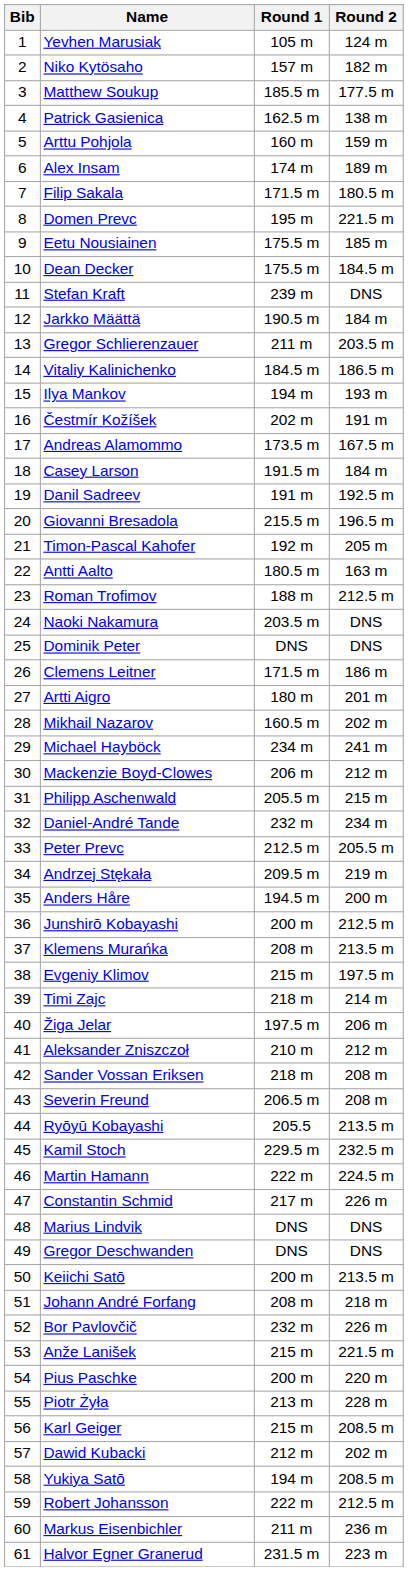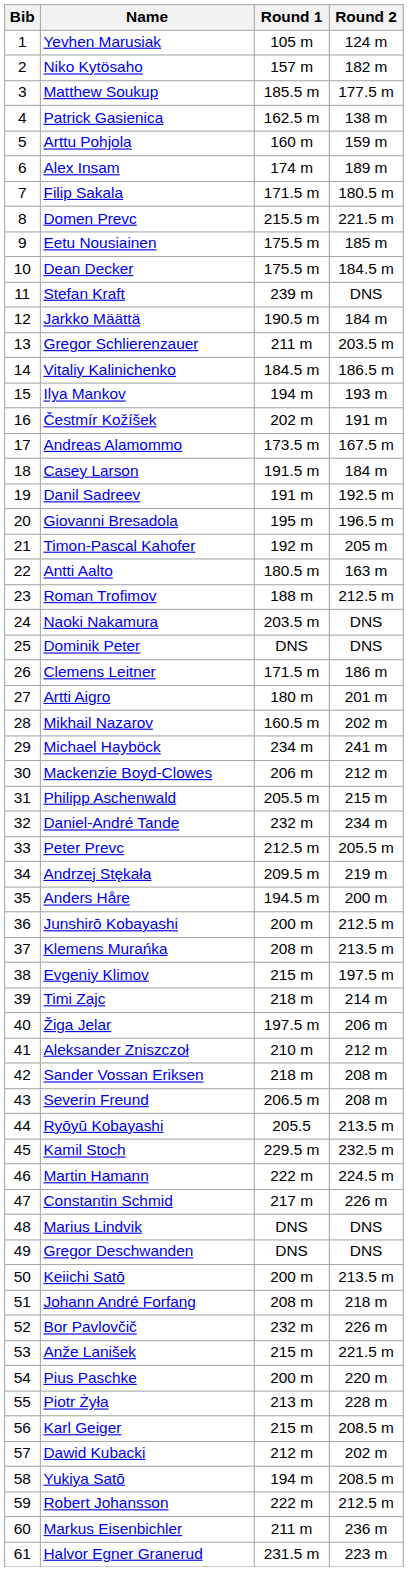 <table class="wikitable  collapsible autocollapse plainrowheaders" style="background:#fff; font-size:86%; line-height:16px; border:grey solid 1px; border-collapse:collapse;">
 <tr>
 <th width=25>Bib</th>
 <th width=185>Name</th>
 <th width=60>Round 1</th>
 <th width=60>Round 2</th>
 </tr>
 <tr align=center>
 <td>1</td>
 <td align=left> <a href='#'>Yevhen Marusiak</a></td>
 <td>105 m</td>
 <td>124 m</td>
 </tr>
 <tr align=center>
 <td>2</td>
 <td align=left> <a href='#'>Niko Kytösaho</a></td>
 <td>157 m</td>
 <td>182 m</td>
 </tr>
 <tr align=center>
 <td>3</td>
 <td align=left> <a href='#'>Matthew Soukup</a></td>
 <td>185.5 m</td>
 <td>177.5 m</td>
 </tr>
 <tr align=center>
 <td>4</td>
 <td align=left> <a href='#'>Patrick Gasienica</a></td>
 <td>162.5 m</td>
 <td>138 m</td>
 </tr>
 <tr align=center>
 <td>5</td>
 <td align=left> <a href='#'>Arttu Pohjola</a></td>
 <td>160 m</td>
 <td>159 m</td>
 </tr>
 <tr align=center>
 <td>6</td>
 <td align=left> <a href='#'>Alex Insam</a></td>
 <td>174 m</td>
 <td>189 m</td>
 </tr>
 <tr align=center>
 <td>7</td>
 <td align=left> <a href='#'>Filip Sakala</a></td>
 <td>171.5 m</td>
 <td>180.5 m</td>
 </tr>
 <tr align=center>
 <td>8</td>
 <td align=left> <a href='#'>Domen Prevc</a></td>
-<td>195 m</td>
+<td>215.5 m</td>
 <td>221.5 m</td>
 </tr>
 <tr align=center>
 <td>9</td>
 <td align=left> <a href='#'>Eetu Nousiainen</a></td>
 <td>175.5 m</td>
 <td>185 m</td>
 </tr>
 <tr align=center>
 <td>10</td>
 <td align=left> <a href='#'>Dean Decker</a></td>
 <td>175.5 m</td>
 <td>184.5 m</td>
 </tr>
 <tr align=center>
 <td>11</td>
 <td align=left> <a href='#'>Stefan Kraft</a></td>
 <td>239 m</td>
 <td>DNS</td>
 </tr>
 <tr align=center>
 <td>12</td>
 <td align=left> <a href='#'>Jarkko Määttä</a></td>
 <td>190.5 m</td>
 <td>184 m</td>
 </tr>
 <tr align=center>
 <td>13</td>
 <td align=left> <a href='#'>Gregor Schlierenzauer</a></td>
 <td>211 m</td>
 <td>203.5 m</td>
 </tr>
 <tr align=center>
 <td>14</td>
 <td align=left> <a href='#'>Vitaliy Kalinichenko</a></td>
 <td>184.5 m</td>
 <td>186.5 m</td>
 </tr>
 <tr align=center>
 <td>15</td>
 <td align=left> <a href='#'>Ilya Mankov</a></td>
 <td>194 m</td>
 <td>193 m</td>
 </tr>
 <tr align=center>
 <td>16</td>
 <td align=left> <a href='#'>Čestmír Kožíšek</a></td>
 <td>202 m</td>
 <td>191 m</td>
 </tr>
 <tr align=center>
 <td>17</td>
 <td align=left> <a href='#'>Andreas Alamommo</a></td>
 <td>173.5 m</td>
 <td>167.5 m</td>
 </tr>
 <tr align=center>
 <td>18</td>
 <td align=left> <a href='#'>Casey Larson</a></td>
 <td>191.5 m</td>
 <td>184 m</td>
 </tr>
 <tr align=center>
 <td>19</td>
 <td align=left> <a href='#'>Danil Sadreev</a></td>
 <td>191 m</td>
 <td>192.5 m</td>
 </tr>
 <tr align=center>
 <td>20</td>
 <td align=left> <a href='#'>Giovanni Bresadola</a></td>
-<td>215.5 m</td>
+<td>195 m</td>
 <td>196.5 m</td>
 </tr>
 <tr align=center>
 <td>21</td>
 <td align=left> <a href='#'>Timon-Pascal Kahofer</a></td>
 <td>192 m</td>
 <td>205 m</td>
 </tr>
 <tr align=center>
 <td>22</td>
 <td align=left> <a href='#'>Antti Aalto</a></td>
 <td>180.5 m</td>
 <td>163 m</td>
 </tr>
 <tr align=center>
 <td>23</td>
 <td align=left> <a href='#'>Roman Trofimov</a></td>
 <td>188 m</td>
 <td>212.5 m</td>
 </tr>
 <tr align=center>
 <td>24</td>
 <td align=left> <a href='#'>Naoki Nakamura</a></td>
 <td>203.5 m</td>
 <td>DNS</td>
 </tr>
 <tr align=center>
 <td>25</td>
 <td align=left> <a href='#'>Dominik Peter</a></td>
 <td>DNS</td>
 <td>DNS</td>
 </tr>
 <tr align=center>
 <td>26</td>
 <td align=left> <a href='#'>Clemens Leitner</a></td>
 <td>171.5 m</td>
 <td>186 m</td>
 </tr>
 <tr align=center>
 <td>27</td>
 <td align=left> <a href='#'>Artti Aigro</a></td>
 <td>180 m</td>
 <td>201 m</td>
 </tr>
 <tr align=center>
 <td>28</td>
 <td align=left> <a href='#'>Mikhail Nazarov</a></td>
 <td>160.5 m</td>
 <td>202 m</td>
 </tr>
 <tr align=center>
 <td>29</td>
 <td align=left> <a href='#'>Michael Hayböck</a></td>
 <td>234 m</td>
 <td>241 m</td>
 </tr>
 <tr align=center>
 <td>30</td>
 <td align=left> <a href='#'>Mackenzie Boyd-Clowes</a></td>
 <td>206 m</td>
 <td>212 m</td>
 </tr>
 <tr align=center>
 <td>31</td>
 <td align=left> <a href='#'>Philipp Aschenwald</a></td>
 <td>205.5 m</td>
 <td>215 m</td>
 </tr>
 <tr align=center>
 <td>32</td>
 <td align=left> <a href='#'>Daniel-André Tande</a></td>
 <td>232 m</td>
 <td>234 m</td>
 </tr>
 <tr align=center>
 <td>33</td>
 <td align=left> <a href='#'>Peter Prevc</a></td>
 <td>212.5 m</td>
 <td>205.5 m</td>
 </tr>
 <tr align=center>
 <td>34</td>
 <td align=left> <a href='#'>Andrzej Stękała</a></td>
 <td>209.5 m</td>
 <td>219 m</td>
 </tr>
 <tr align=center>
 <td>35</td>
 <td align=left> <a href='#'>Anders Håre</a></td>
 <td>194.5 m</td>
 <td>200 m</td>
 </tr>
 <tr align=center>
 <td>36</td>
 <td align=left> <a href='#'>Junshirō Kobayashi</a></td>
 <td>200 m</td>
 <td>212.5 m</td>
 </tr>
 <tr align=center>
 <td>37</td>
 <td align=left> <a href='#'>Klemens Murańka</a></td>
 <td>208 m</td>
 <td>213.5 m</td>
 </tr>
 <tr align=center>
 <td>38</td>
 <td align=left> <a href='#'>Evgeniy Klimov</a></td>
 <td>215 m</td>
 <td>197.5 m</td>
 </tr>
 <tr align=center>
 <td>39</td>
 <td align=left> <a href='#'>Timi Zajc</a></td>
 <td>218 m</td>
 <td>214 m</td>
 </tr>
 <tr align=center>
 <td>40</td>
 <td align=left> <a href='#'>Žiga Jelar</a></td>
 <td>197.5 m</td>
 <td>206 m</td>
 </tr>
 <tr align=center>
 <td>41</td>
 <td align=left> <a href='#'>Aleksander Zniszczoł</a></td>
 <td>210 m</td>
 <td>212 m</td>
 </tr>
 <tr align=center>
 <td>42</td>
 <td align=left> <a href='#'>Sander Vossan Eriksen</a></td>
 <td>218 m</td>
 <td>208 m</td>
 </tr>
 <tr align=center>
 <td>43</td>
 <td align=left> <a href='#'>Severin Freund</a></td>
 <td>206.5 m</td>
 <td>208 m</td>
 </tr>
 <tr align=center>
 <td>44</td>
 <td align=left> <a href='#'>Ryōyū Kobayashi</a></td>
 <td>205.5</td>
 <td>213.5 m</td>
 </tr>
 <tr align=center>
 <td>45</td>
 <td align=left> <a href='#'>Kamil Stoch</a></td>
 <td>229.5 m</td>
 <td>232.5 m</td>
 </tr>
 <tr align=center>
 <td>46</td>
 <td align=left> <a href='#'>Martin Hamann</a></td>
 <td>222 m</td>
 <td>224.5 m</td>
 </tr>
 <tr align=center>
 <td>47</td>
 <td align=left> <a href='#'>Constantin Schmid</a></td>
 <td>217 m</td>
 <td>226 m</td>
 </tr>
 <tr align=center>
 <td>48</td>
 <td align=left> <a href='#'>Marius Lindvik</a></td>
 <td>DNS</td>
 <td>DNS</td>
 </tr>
 <tr align=center>
 <td>49</td>
 <td align=left> <a href='#'>Gregor Deschwanden</a></td>
 <td>DNS</td>
 <td>DNS</td>
 </tr>
 <tr align=center>
 <td>50</td>
 <td align=left> <a href='#'>Keiichi Satō</a></td>
 <td>200 m</td>
 <td>213.5 m</td>
 </tr>
 <tr align=center>
 <td>51</td>
 <td align=left> <a href='#'>Johann André Forfang</a></td>
 <td>208 m</td>
 <td>218 m</td>
 </tr>
 <tr align=center>
 <td>52</td>
 <td align=left> <a href='#'>Bor Pavlovčič</a></td>
 <td>232 m</td>
 <td>226 m</td>
 </tr>
 <tr align=center>
 <td>53</td>
 <td align=left> <a href='#'>Anže Lanišek</a></td>
 <td>215 m</td>
 <td>221.5 m</td>
 </tr>
 <tr align=center>
 <td>54</td>
 <td align=left> <a href='#'>Pius Paschke</a></td>
 <td>200 m</td>
 <td>220 m</td>
 </tr>
 <tr align=center>
 <td>55</td>
 <td align=left> <a href='#'>Piotr Żyła</a></td>
 <td>213 m</td>
 <td>228 m</td>
 </tr>
 <tr align=center>
 <td>56</td>
 <td align=left> <a href='#'>Karl Geiger</a></td>
 <td>215 m</td>
 <td>208.5 m</td>
 </tr>
 <tr align=center>
 <td>57</td>
 <td align=left> <a href='#'>Dawid Kubacki</a></td>
 <td>212 m</td>
 <td>202 m</td>
 </tr>
 <tr align=center>
 <td>58</td>
 <td align=left> <a href='#'>Yukiya Satō</a></td>
 <td>194 m</td>
 <td>208.5 m</td>
 </tr>
 <tr align=center>
 <td>59</td>
 <td align=left> <a href='#'>Robert Johansson</a></td>
 <td>222 m</td>
 <td>212.5 m</td>
 </tr>
 <tr align=center>
 <td>60</td>
 <td align=left> <a href='#'>Markus Eisenbichler</a></td>
 <td>211 m</td>
 <td>236 m</td>
 </tr>
 <tr align=center>
 <td>61</td>
 <td align=left> <a href='#'>Halvor Egner Granerud</a></td>
 <td>231.5 m</td>
 <td>223 m</td>
 </tr>
 </table>
